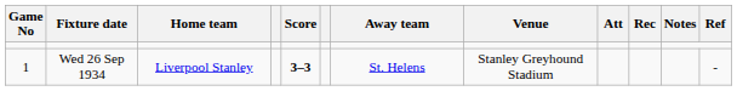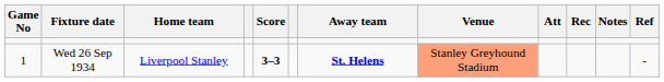 <table class="wikitable" style="text-align:center;">
 <tr>
 <th width=20 abbr="No">Game No</th>
 <th width=100 abbr="Date">Fixture date</th>
 <th width=150 abbr="Home team">Home team</th>
 <th width=5 abbr="space"></th>
 <th width=20 abbr="Score">Score</th>
 <th width=5 abbr="space"></th>
 <th width=150 abbr="Away team">Away team</th>
 <th width=150 abbr="Venue">Venue</th>
 <th width=30 abbr="Att">Att</th>
 <th width=30 abbr="Rec">Rec</th>
 <th width=20 abbr="Notes">Notes</th>
 <th width=30 abbr="Ref">Ref</th>
 </tr>
 <tr>
 <td></td>
 <td></td>
 <td></td>
 <td></td>
 <td></td>
 <td></td>
 <td></td>
 <td></td>
 <td></td>
 <td></td>
 </tr>
 <tr>
 <td>1</td>
 <td>Wed 26 Sep 1934</td>
 <td><a href='#'>Liverpool Stanley</a></td>
 <td></td>
 <td><strong>3–3</strong></td>
 <td></td>
-<td><a href='#'>St. Helens</a></td>
-<td>Stanley Greyhound Stadium</td>
+<td><strong><a href='#'>St. Helens</a></strong></td>
+<td style="background: lightsalmon;">Stanley Greyhound Stadium</td>
 <td></td>
 <td></td>
 <td></td>
 <td>-</td>
 </tr>
 </table>
